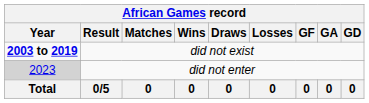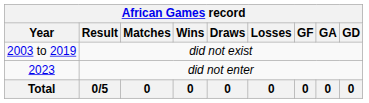 <table class="wikitable" style="text-align: center;">
 <tr>
 <th colspan=9><a href='#'>African Games</a> record</th>
 </tr>
 <tr>
 <th>Year</th>
 <th>Result</th>
 <th>Matches</th>
 <th>Wins</th>
 <th>Draws</th>
 <th>Losses</th>
 <th>GF</th>
 <th>GA</th>
 <th>GD</th>
 </tr>
 <tr>
-<td><strong> <a href='#'>2003</a> to  <a href='#'>2019</a></strong></td>
+<td> <a href='#'>2003</a> to  <a href='#'>2019</a></td>
 <td colspan=8><em>did not exist</em></td>
 </tr>
 <tr>
-<td style="background: lightgrey;"> <a href='#'>2023</a></td>
+<td> <a href='#'>2023</a></td>
 <td colspan=8><em>did not enter</em></td>
 </tr>
 <tr>
 <th>Total</th>
 <th>0/5</th>
 <th>0</th>
 <th>0</th>
 <th>0</th>
 <th>0</th>
 <th>0</th>
 <th>0</th>
 <th>0</th>
 </tr>
 </table>
